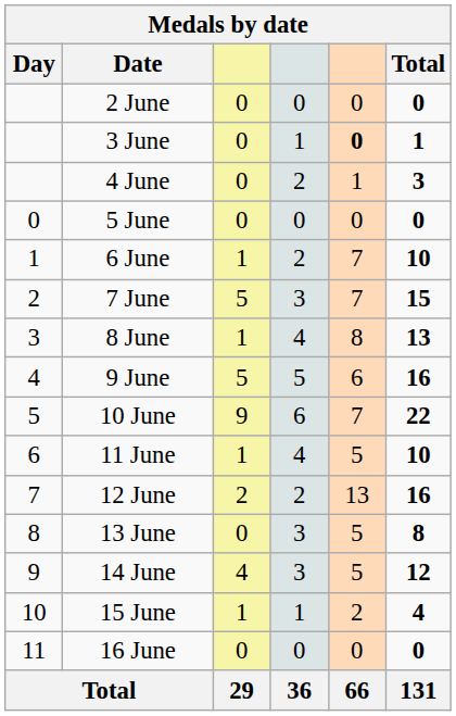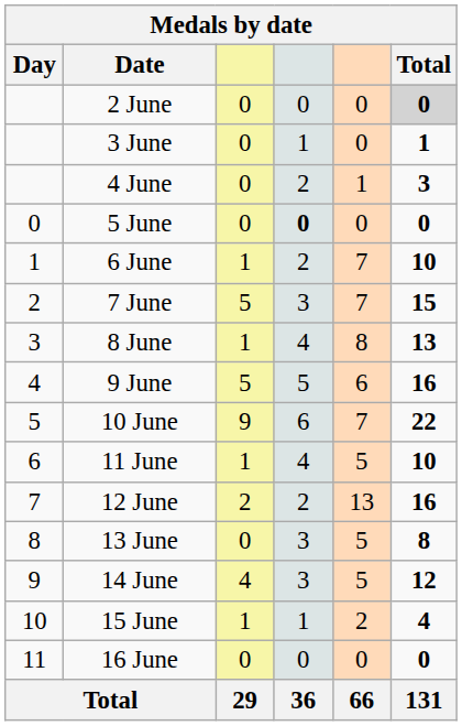 <table class="wikitable" style="font-size:100%; text-align:center;">
 <tr style="background:#efefef;">
 <th colspan=6><strong>Medals by date</strong></th>
 </tr>
 <tr>
 <th width=30><strong>Day</strong></th>
 <th width=90><strong>Date</strong></th>
 <th width=30 style="background:#F7F6A8;"></th>
 <th width=30 style="background:#DCE5E5;"></th>
 <th width=30 style="background:#FFDAB9;"></th>
 <th width=30><strong>Total</strong></th>
 </tr>
 <tr>
 <td></td>
 <td>2 June</td>
 <td style="background:#F7F6A8;">0</td>
 <td style="background:#DCE5E5;">0</td>
 <td style="background:#FFDAB9;">0</td>
-<td><strong>0</strong></td>
+<td style="background: lightgrey;"><strong>0</strong></td>
 </tr>
 <tr>
 <td></td>
 <td>3 June</td>
 <td style="background:#F7F6A8;">0</td>
 <td style="background:#DCE5E5;">1</td>
-<td style="background:#FFDAB9;"><strong>0</strong></td>
+<td style="background:#FFDAB9;">0</td>
 <td><strong>1</strong></td>
 </tr>
 <tr>
 <td></td>
 <td>4 June</td>
 <td style="background:#F7F6A8;">0</td>
 <td style="background:#DCE5E5;">2</td>
 <td style="background:#FFDAB9;">1</td>
 <td><strong>3</strong></td>
 </tr>
 <tr>
 <td>0</td>
 <td>5 June</td>
 <td style="background:#F7F6A8;">0</td>
-<td style="background:#DCE5E5;">0</td>
+<td style="background:#DCE5E5;"><strong>0</strong></td>
 <td style="background:#FFDAB9;">0</td>
 <td><strong>0</strong></td>
 </tr>
 <tr>
 <td>1</td>
 <td>6 June</td>
 <td style="background:#F7F6A8;">1</td>
 <td style="background:#DCE5E5;">2</td>
 <td style="background:#FFDAB9;">7</td>
 <td><strong>10</strong></td>
 </tr>
 <tr>
 <td>2</td>
 <td>7 June</td>
 <td style="background:#F7F6A8;">5</td>
 <td style="background:#DCE5E5;">3</td>
 <td style="background:#FFDAB9;">7</td>
 <td><strong>15</strong></td>
 </tr>
 <tr>
 <td>3</td>
 <td>8 June</td>
 <td style="background:#F7F6A8;">1</td>
 <td style="background:#DCE5E5;">4</td>
 <td style="background:#FFDAB9;">8</td>
 <td><strong>13</strong></td>
 </tr>
 <tr>
 <td>4</td>
 <td>9 June</td>
 <td style="background:#F7F6A8;">5</td>
 <td style="background:#DCE5E5;">5</td>
 <td style="background:#FFDAB9;">6</td>
 <td><strong>16</strong></td>
 </tr>
 <tr>
 <td>5</td>
 <td>10 June</td>
 <td style="background:#F7F6A8;">9</td>
 <td style="background:#DCE5E5;">6</td>
 <td style="background:#FFDAB9;">7</td>
 <td><strong>22</strong></td>
 </tr>
 <tr>
 <td>6</td>
 <td>11 June</td>
 <td style="background:#F7F6A8;">1</td>
 <td style="background:#DCE5E5;">4</td>
 <td style="background:#FFDAB9;">5</td>
 <td><strong>10</strong></td>
 </tr>
 <tr>
 <td>7</td>
 <td>12 June</td>
 <td style="background:#F7F6A8;">2</td>
 <td style="background:#DCE5E5;">2</td>
 <td style="background:#FFDAB9;">13</td>
 <td><strong>16</strong></td>
 </tr>
 <tr>
 <td>8</td>
 <td>13 June</td>
 <td style="background:#F7F6A8;">0</td>
 <td style="background:#DCE5E5;">3</td>
 <td style="background:#FFDAB9;">5</td>
 <td><strong>8</strong></td>
 </tr>
 <tr>
 <td>9</td>
 <td>14 June</td>
 <td style="background:#F7F6A8;">4</td>
 <td style="background:#DCE5E5;">3</td>
 <td style="background:#FFDAB9;">5</td>
 <td><strong>12</strong></td>
 </tr>
 <tr>
 <td>10</td>
 <td>15 June</td>
 <td style="background:#F7F6A8;">1</td>
 <td style="background:#DCE5E5;">1</td>
 <td style="background:#FFDAB9;">2</td>
 <td><strong>4</strong></td>
 </tr>
 <tr>
 <td>11</td>
 <td>16 June</td>
 <td style="background:#F7F6A8;">0</td>
 <td style="background:#DCE5E5;">0</td>
 <td style="background:#FFDAB9;">0</td>
 <td><strong>0</strong></td>
 </tr>
 <tr>
 <th colspan="2"><strong>Total</strong></th>
 <th><strong>29</strong></th>
 <th><strong>36</strong></th>
 <th><strong>66</strong></th>
 <th><strong>131</strong></th>
 </tr>
 </table>
